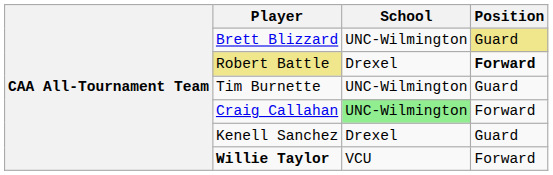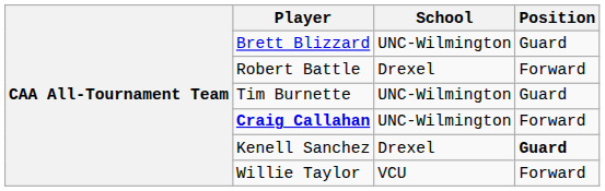 <table class="wikitable" border="1">
 <tr>
 <th rowspan=7 valign=middle>CAA All-Tournament Team</th>
 <th>Player</th>
 <th>School</th>
 <th>Position</th>
 </tr>
 <tr>
 <td><a href='#'>Brett Blizzard</a></td>
 <td>UNC-Wilmington</td>
-<td style="background: khaki;">Guard</td>
+<td>Guard</td>
 </tr>
 <tr>
-<td style="background: khaki;">Robert Battle</td>
+<td>Robert Battle</td>
 <td>Drexel</td>
-<td><strong>Forward</strong></td>
+<td>Forward</td>
 </tr>
 <tr>
 <td>Tim Burnette</td>
 <td>UNC-Wilmington</td>
 <td>Guard</td>
 </tr>
 <tr>
-<td><a href='#'>Craig Callahan</a></td>
-<td style="background: lightgreen;">UNC-Wilmington</td>
+<td><strong><a href='#'>Craig Callahan</a></strong></td>
+<td>UNC-Wilmington</td>
 <td>Forward</td>
 </tr>
 <tr>
 <td>Kenell Sanchez</td>
 <td>Drexel</td>
-<td>Guard</td>
+<td><strong>Guard</strong></td>
 </tr>
 <tr>
-<td><strong>Willie Taylor</strong></td>
+<td>Willie Taylor</td>
 <td>VCU</td>
 <td>Forward</td>
 </tr>
 </table>
